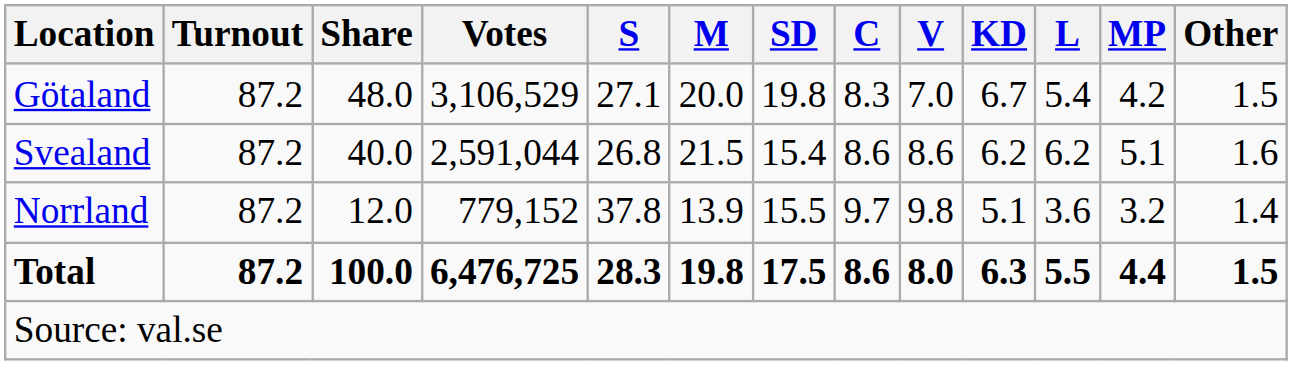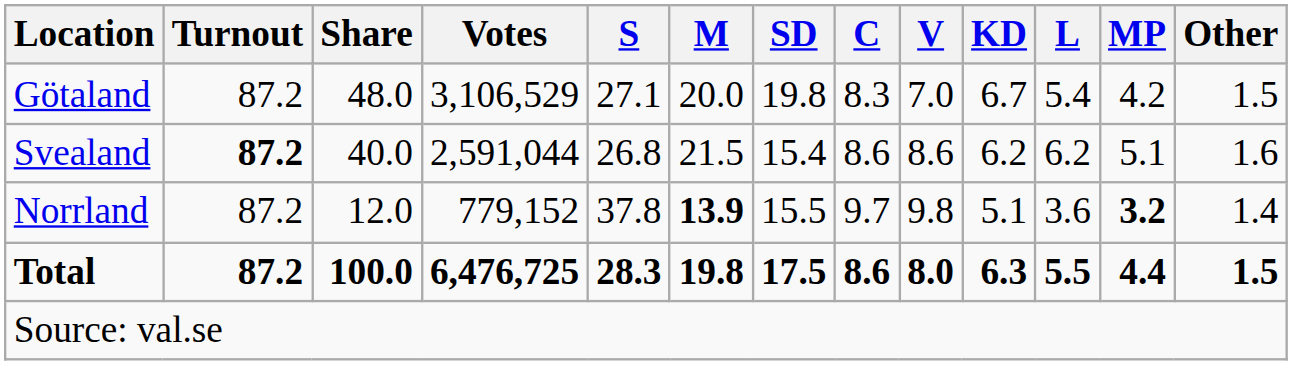 <table class="wikitable sortable" style=text-align:right>
 <tr>
 <th>Location</th>
 <th>Turnout</th>
 <th>Share</th>
 <th>Votes</th>
 <th><a href='#'>S</a></th>
 <th><a href='#'>M</a></th>
 <th><a href='#'>SD</a></th>
 <th><a href='#'>C</a></th>
 <th><a href='#'>V</a></th>
 <th><a href='#'>KD</a></th>
 <th><a href='#'>L</a></th>
 <th><a href='#'>MP</a></th>
 <th>Other</th>
 </tr>
 <tr>
 <td align=left><a href='#'>Götaland</a></td>
 <td>87.2</td>
 <td>48.0</td>
 <td>3,106,529</td>
 <td>27.1</td>
 <td>20.0</td>
 <td>19.8</td>
 <td>8.3</td>
 <td>7.0</td>
 <td>6.7</td>
 <td>5.4</td>
 <td>4.2</td>
 <td>1.5</td>
 </tr>
 <tr>
 <td align=left><a href='#'>Svealand</a></td>
-<td>87.2</td>
+<td><strong>87.2</strong></td>
 <td>40.0</td>
 <td>2,591,044</td>
 <td>26.8</td>
 <td>21.5</td>
 <td>15.4</td>
 <td>8.6</td>
 <td>8.6</td>
 <td>6.2</td>
 <td>6.2</td>
 <td>5.1</td>
 <td>1.6</td>
 </tr>
 <tr>
 <td align=left><a href='#'>Norrland</a></td>
 <td>87.2</td>
 <td>12.0</td>
 <td>779,152</td>
 <td>37.8</td>
-<td>13.9</td>
+<td><strong>13.9</strong></td>
 <td>15.5</td>
 <td>9.7</td>
 <td>9.8</td>
 <td>5.1</td>
 <td>3.6</td>
-<td>3.2</td>
+<td><strong>3.2</strong></td>
 <td>1.4</td>
 </tr>
 <tr>
 <td align=left><strong>Total</strong></td>
 <td><strong>87.2</strong></td>
 <td><strong>100.0</strong></td>
 <td><strong>6,476,725</strong></td>
 <td><strong>28.3</strong></td>
 <td><strong>19.8</strong></td>
 <td><strong>17.5</strong></td>
 <td><strong>8.6</strong></td>
 <td><strong>8.0</strong></td>
 <td><strong>6.3</strong></td>
 <td><strong>5.5</strong></td>
 <td><strong>4.4</strong></td>
 <td><strong>1.5</strong></td>
 </tr>
 <tr>
 <td align=left colspan=13>Source: val.se </td>
 </tr>
 </table>
